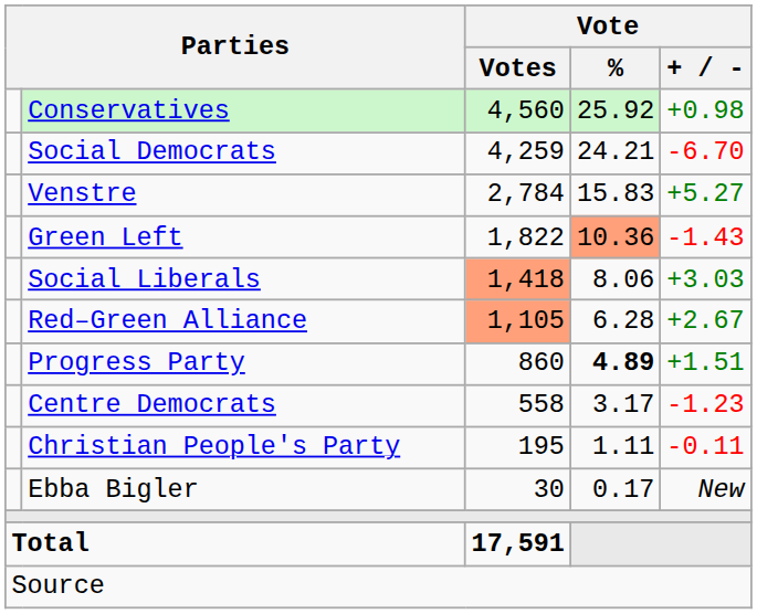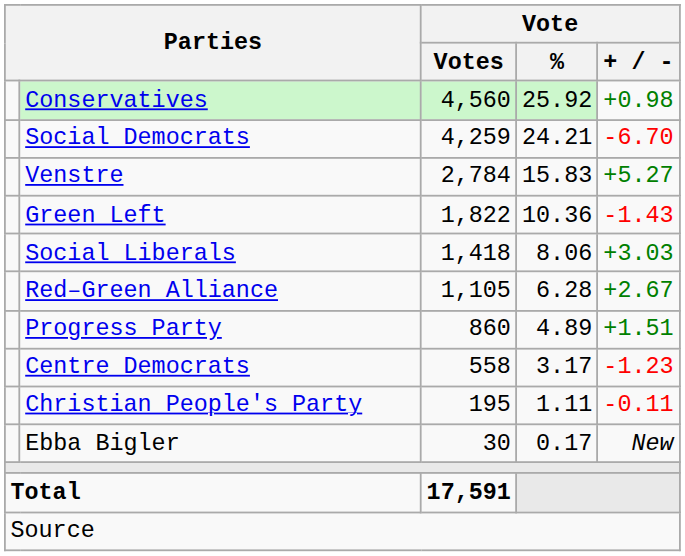 <table class="wikitable" style="text-align:right;">
 <tr>
 <th style="text-align:centre;" rowspan="2" colspan="2" width="225">Parties</th>
 <th colspan="3">Vote</th>
 </tr>
 <tr>
 <th width="15">Votes</th>
 <th width="15">%</th>
 <th width="15">+ / -</th>
 </tr>
 <tr>
 <td width="2" style="color:inherit;background:"></td>
 <td bgcolor=#ccf7cc  align="left"><a href='#'>Conservatives</a></td>
 <td bgcolor=#ccf7cc>4,560</td>
 <td bgcolor=#ccf7cc>25.92</td>
 <td style=color:green;>+0.98</td>
 </tr>
 <tr>
 <td width="2" style="color:inherit;background:"></td>
 <td align="left"><a href='#'>Social Democrats</a></td>
 <td>4,259</td>
 <td>24.21</td>
 <td style=color:red;>-6.70</td>
 </tr>
 <tr>
 <td width="2" style="color:inherit;background:"></td>
 <td align="left"><a href='#'>Venstre</a></td>
 <td>2,784</td>
 <td>15.83</td>
 <td style=color:green;>+5.27</td>
 </tr>
 <tr>
 <td width="2" style="color:inherit;background:"></td>
 <td align="left"><a href='#'>Green Left</a></td>
 <td>1,822</td>
-<td style="background: lightsalmon;">10.36</td>
+<td>10.36</td>
 <td style=color:red;>-1.43</td>
 </tr>
 <tr>
 <td width="2" style="color:inherit;background:"></td>
 <td align="left"><a href='#'>Social Liberals</a></td>
-<td style="background: lightsalmon;">1,418</td>
+<td>1,418</td>
 <td>8.06</td>
 <td style=color:green;>+3.03</td>
 </tr>
 <tr>
 <td width="2" style="color:inherit;background:"></td>
 <td align="left"><a href='#'>Red–Green Alliance</a></td>
-<td style="background: lightsalmon;">1,105</td>
+<td>1,105</td>
 <td>6.28</td>
 <td style=color:green;>+2.67</td>
 </tr>
 <tr>
 <td width="2" style="color:inherit;background:"></td>
 <td align="left"><a href='#'>Progress Party</a></td>
 <td>860</td>
-<td><strong>4.89</strong></td>
+<td>4.89</td>
 <td style=color:green;>+1.51</td>
 </tr>
 <tr>
 <td width="2" style="color:inherit;background:"></td>
 <td align="left"><a href='#'>Centre Democrats</a></td>
 <td>558</td>
 <td>3.17</td>
 <td style=color:red;>-1.23</td>
 </tr>
 <tr>
 <td width="2" style="color:inherit;background:"></td>
 <td align="left"><a href='#'>Christian People's Party</a></td>
 <td>195</td>
 <td>1.11</td>
 <td style=color:red;>-0.11</td>
 </tr>
 <tr>
 <td width="2" style="color:inherit;background:"></td>
 <td align="left">Ebba Bigler</td>
 <td>30</td>
 <td>0.17</td>
 <td><em>New</em></td>
 </tr>
 <tr>
 <td colspan="7" bgcolor="#E9E9E9"></td>
 </tr>
 <tr>
 <td align="left" colspan="2"><strong>Total</strong></td>
 <td><strong>17,591</strong></td>
 <td bgcolor="#E9E9E9" colspan="2"></td>
 </tr>
 <tr>
 <td align="left" colspan="6">Source</td>
 </tr>
 </table>
